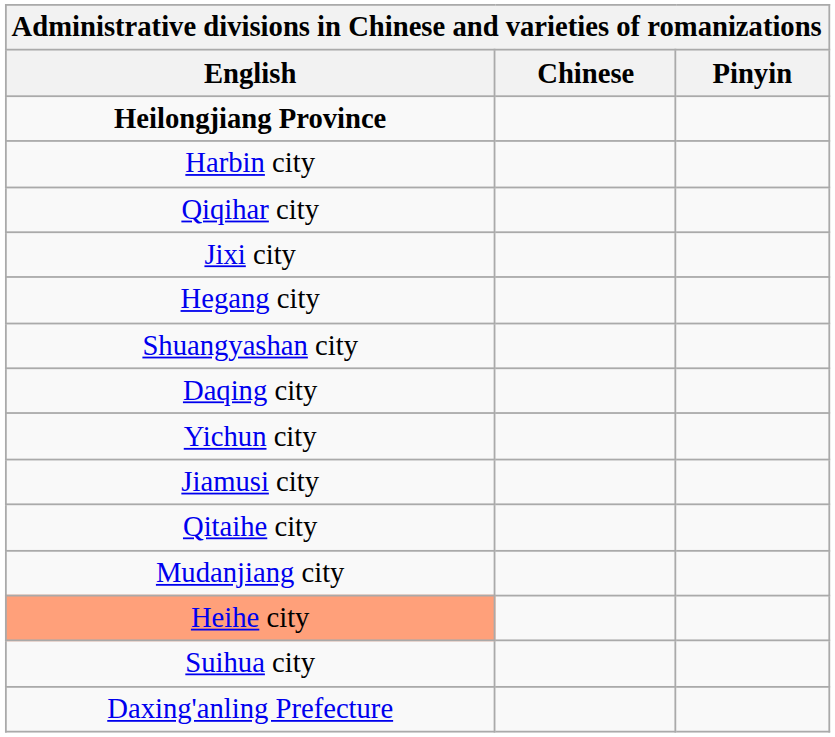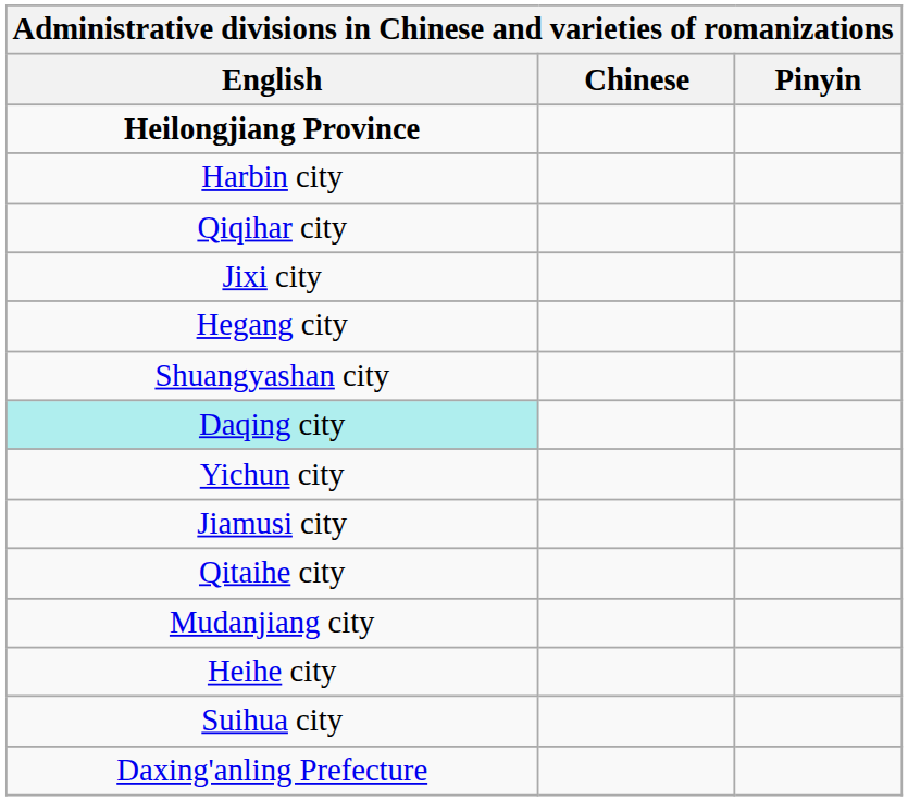 <table class="wikitable sortable collapsible collapsed" style="text-font:90%; width:auto; text-align:center; margin-left: auto; margin-right: auto;">
 <tr>
 <th colspan="5">Administrative divisions in Chinese and varieties of romanizations</th>
 </tr>
 <tr>
 <th>English</th>
 <th>Chinese</th>
 <th>Pinyin</th>
 </tr>
 <tr>
 <td><strong>Heilongjiang Province</strong></td>
 <td></td>
 <td></td>
 </tr>
 <tr>
 <td><a href='#'>Harbin</a> city</td>
 <td></td>
 <td></td>
 </tr>
 <tr>
 <td><a href='#'>Qiqihar</a> city</td>
 <td></td>
 <td></td>
 </tr>
 <tr>
 <td><a href='#'>Jixi</a> city</td>
 <td></td>
 <td></td>
 </tr>
 <tr>
 <td><a href='#'>Hegang</a> city</td>
 <td></td>
 <td></td>
 </tr>
 <tr>
 <td><a href='#'>Shuangyashan</a> city</td>
 <td></td>
 <td></td>
 </tr>
 <tr>
-<td><a href='#'>Daqing</a> city</td>
+<td style="background: paleturquoise;"><a href='#'>Daqing</a> city</td>
 <td></td>
 <td></td>
 </tr>
 <tr>
 <td><a href='#'>Yichun</a> city</td>
 <td></td>
 <td></td>
 </tr>
 <tr>
 <td><a href='#'>Jiamusi</a> city</td>
 <td></td>
 <td></td>
 </tr>
 <tr>
 <td><a href='#'>Qitaihe</a> city</td>
 <td></td>
 <td></td>
 </tr>
 <tr>
 <td><a href='#'>Mudanjiang</a> city</td>
 <td></td>
 <td></td>
 </tr>
 <tr>
-<td style="background: lightsalmon;"><a href='#'>Heihe</a> city</td>
+<td><a href='#'>Heihe</a> city</td>
 <td></td>
 <td></td>
 </tr>
 <tr>
 <td><a href='#'>Suihua</a> city</td>
 <td></td>
 <td></td>
 </tr>
 <tr>
 <td><a href='#'>Daxing'anling Prefecture</a></td>
 <td></td>
 <td></td>
 </tr>
 </table>
